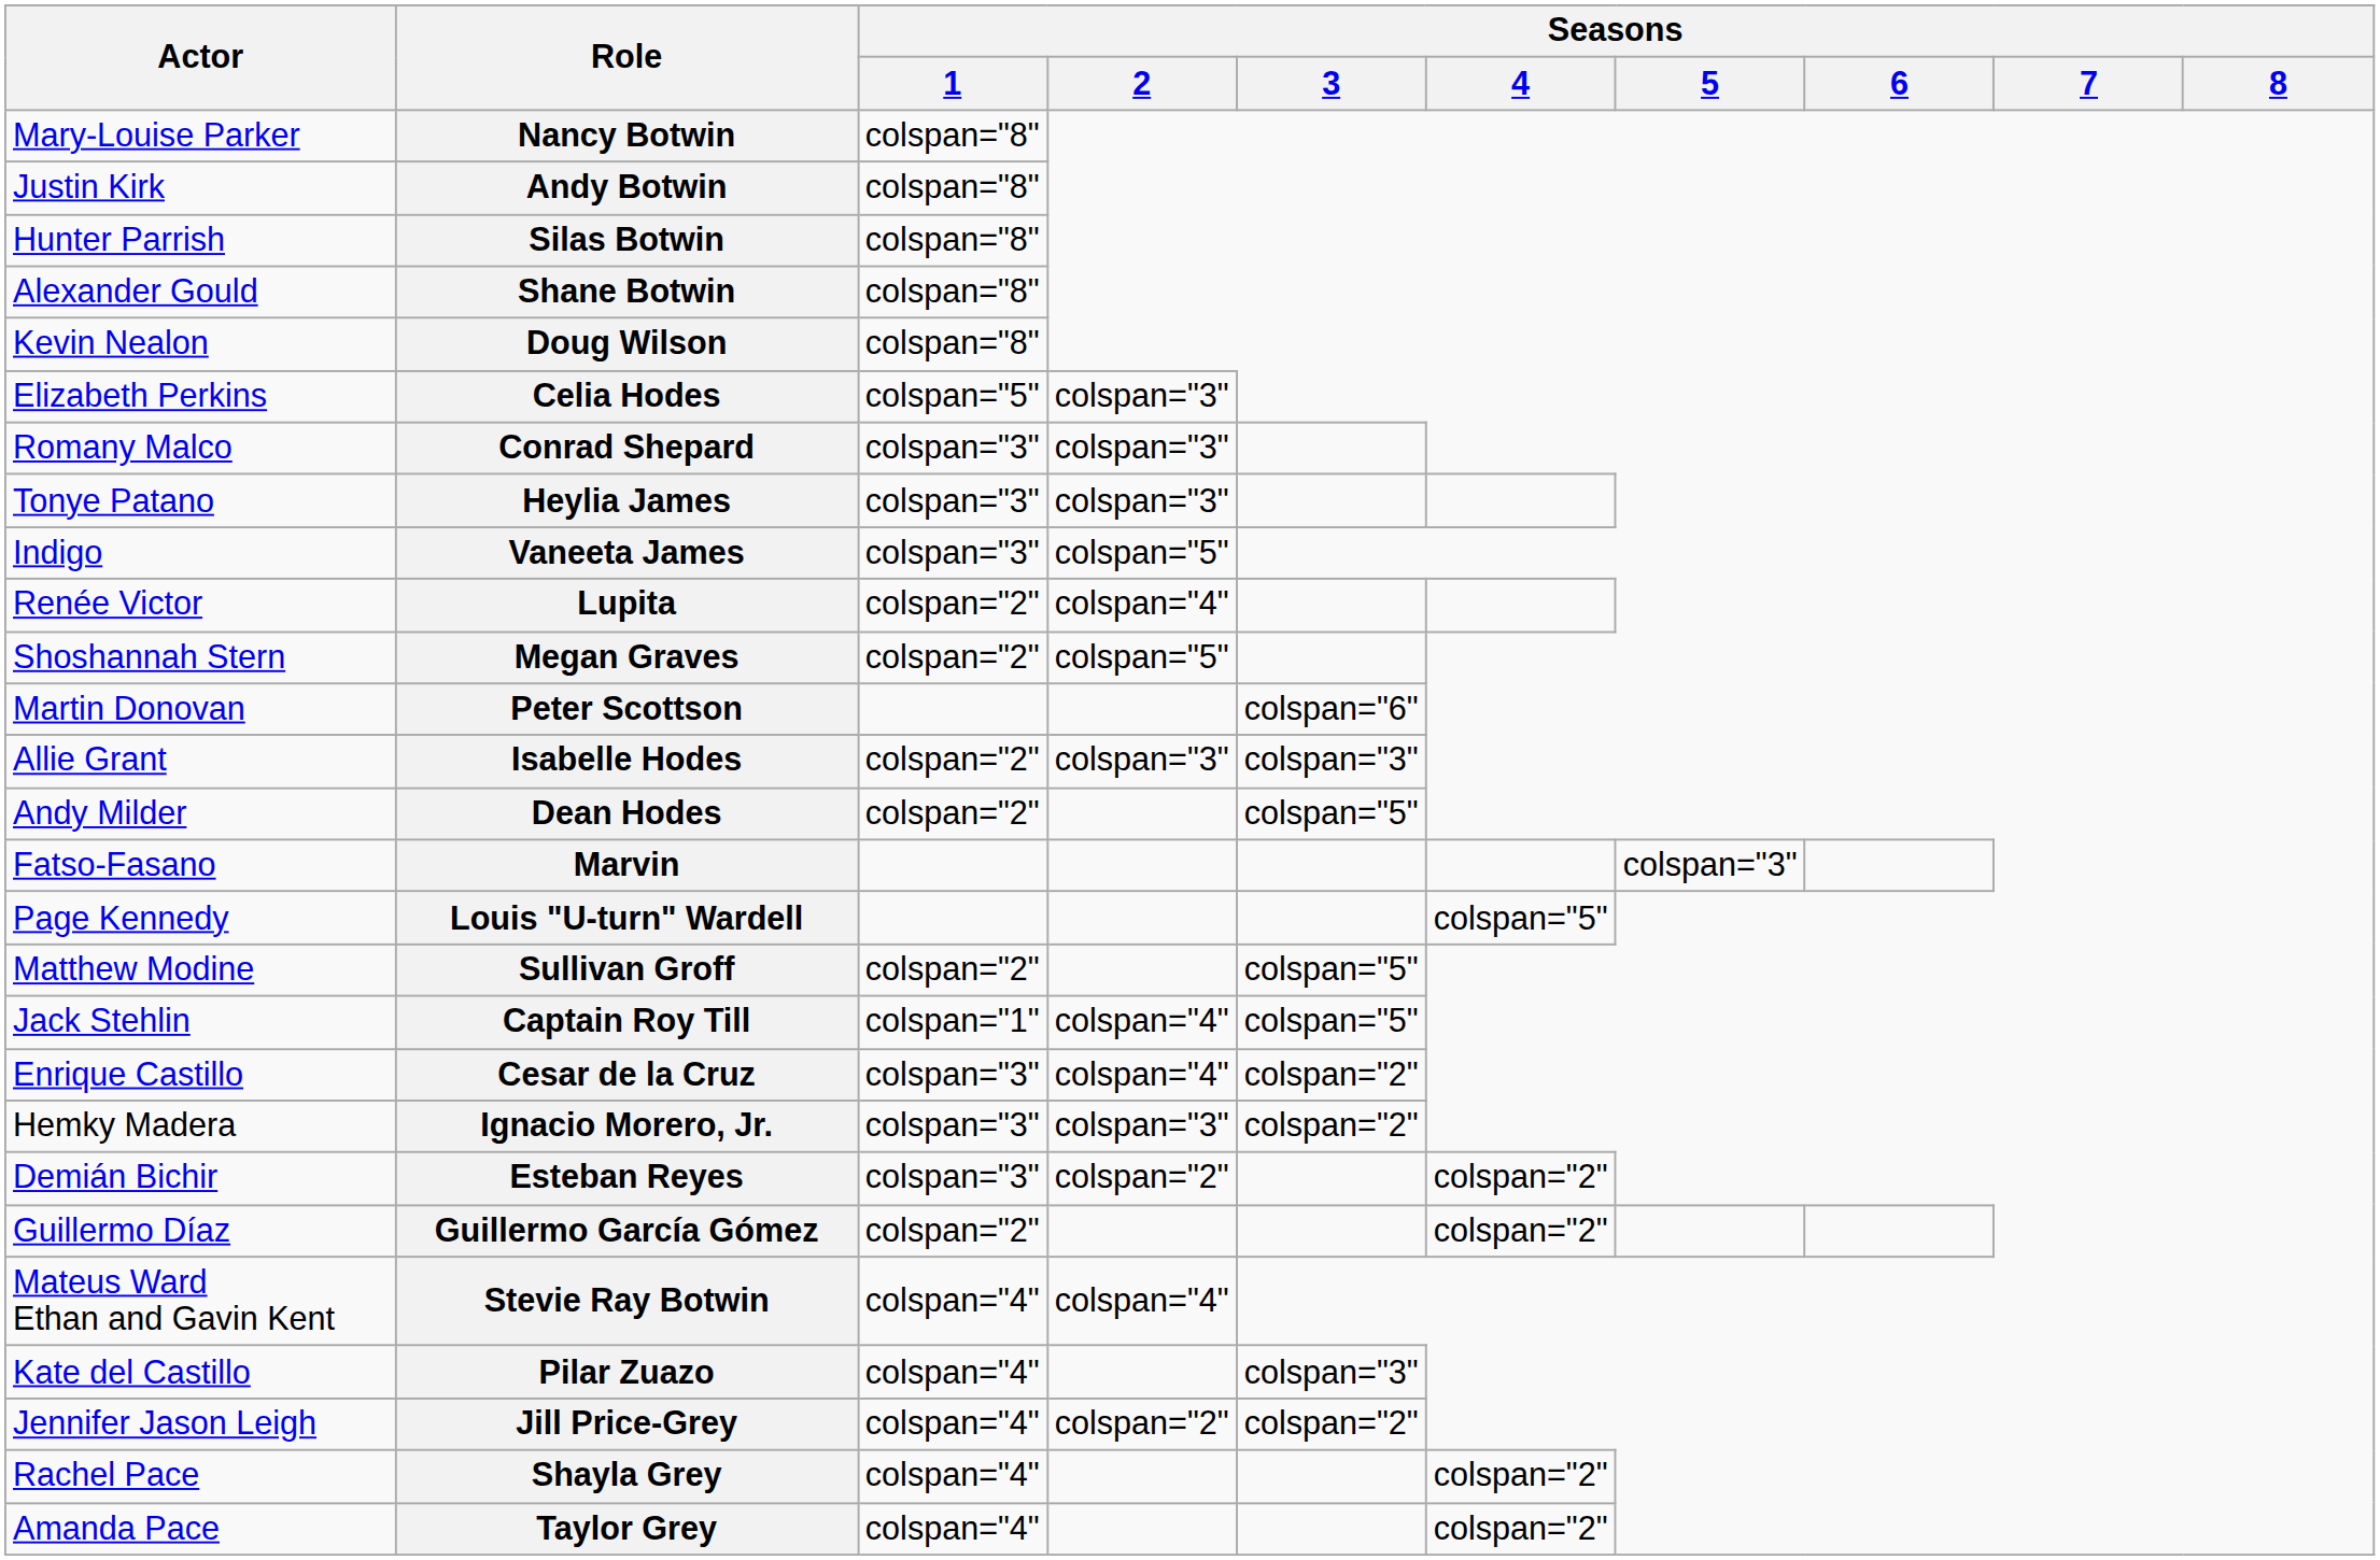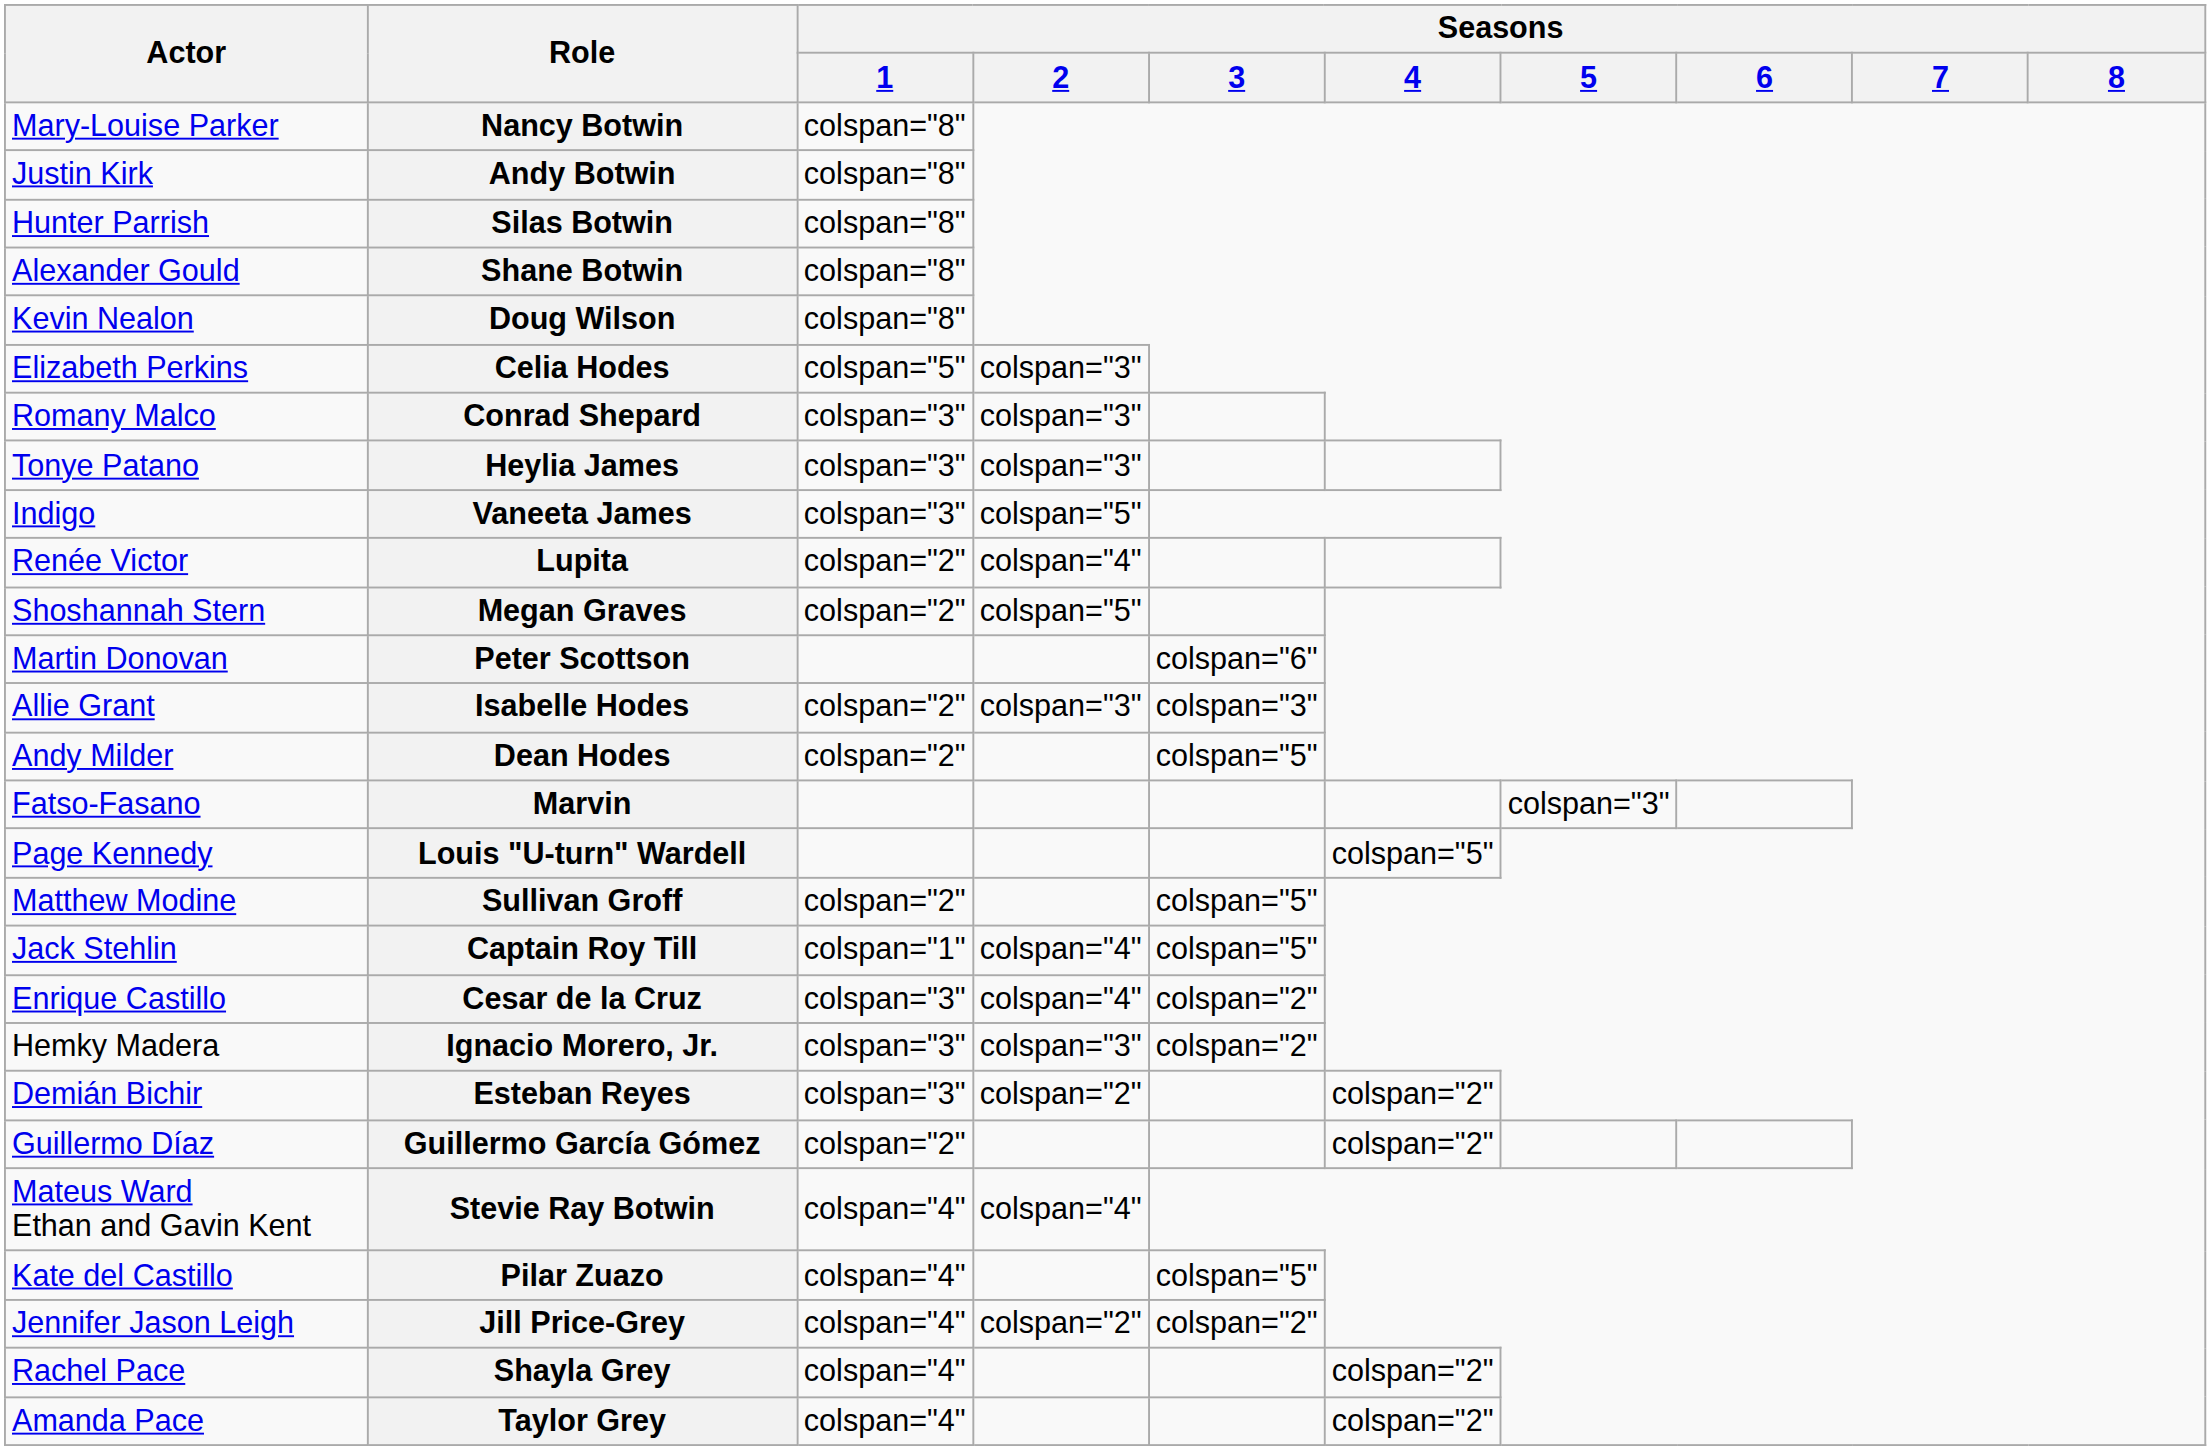 <table class="wikitable">
 <tr>
 <th rowspan="2">Actor</th>
 <th rowspan="2">Role</th>
 <th colspan="8">Seasons</th>
 </tr>
 <tr>
 <th style="width:8%;"><a href='#'>1</a></th>
 <th style="width:8%;"><a href='#'>2</a></th>
 <th style="width:8%;"><a href='#'>3</a></th>
 <th style="width:8%;"><a href='#'>4</a></th>
 <th style="width:8%;"><a href='#'>5</a></th>
 <th style="width:8%;"><a href='#'>6</a></th>
 <th style="width:8%;"><a href='#'>7</a></th>
 <th style="width:8%;"><a href='#'>8</a></th>
 </tr>
 <tr>
 <td><a href='#'>Mary-Louise Parker</a></td>
 <th>Nancy Botwin</th>
 <td>colspan="8" </td>
 </tr>
 <tr>
 <td><a href='#'>Justin Kirk</a></td>
 <th>Andy Botwin</th>
 <td>colspan="8" </td>
 </tr>
 <tr>
 <td><a href='#'>Hunter Parrish</a></td>
 <th>Silas Botwin</th>
 <td>colspan="8" </td>
 </tr>
 <tr>
 <td><a href='#'>Alexander Gould</a></td>
 <th>Shane Botwin</th>
 <td>colspan="8" </td>
 </tr>
 <tr>
 <td><a href='#'>Kevin Nealon</a></td>
 <th>Doug Wilson</th>
 <td>colspan="8" </td>
 </tr>
 <tr>
 <td><a href='#'>Elizabeth Perkins</a></td>
 <th>Celia Hodes</th>
 <td>colspan="5" </td>
 <td>colspan="3" </td>
 </tr>
 <tr>
 <td><a href='#'>Romany Malco</a></td>
 <th>Conrad Shepard</th>
 <td>colspan="3" </td>
 <td>colspan="3" </td>
 <td></td>
 </tr>
 <tr>
 <td><a href='#'>Tonye Patano</a></td>
 <th>Heylia James</th>
 <td>colspan="3" </td>
 <td>colspan="3" </td>
 <td></td>
 <td></td>
 </tr>
 <tr>
 <td><a href='#'>Indigo</a></td>
 <th>Vaneeta James</th>
 <td>colspan="3" </td>
 <td>colspan="5" </td>
 </tr>
 <tr>
 <td><a href='#'>Renée Victor</a></td>
 <th>Lupita</th>
 <td>colspan="2" </td>
 <td>colspan="4" </td>
 <td></td>
 <td></td>
 </tr>
 <tr>
 <td><a href='#'>Shoshannah Stern</a></td>
 <th>Megan Graves</th>
 <td>colspan="2" </td>
 <td>colspan="5" </td>
 <td></td>
 </tr>
 <tr>
 <td><a href='#'>Martin Donovan</a></td>
 <th>Peter Scottson</th>
 <td></td>
 <td></td>
 <td>colspan="6" </td>
 </tr>
 <tr>
 <td><a href='#'>Allie Grant</a></td>
 <th>Isabelle Hodes</th>
 <td>colspan="2" </td>
 <td>colspan="3" </td>
 <td>colspan="3" </td>
 </tr>
 <tr>
 <td><a href='#'>Andy Milder</a></td>
 <th>Dean Hodes</th>
 <td>colspan="2" </td>
 <td></td>
 <td>colspan="5" </td>
 </tr>
 <tr>
 <td><a href='#'>Fatso-Fasano</a></td>
 <th>Marvin</th>
 <td></td>
 <td></td>
 <td></td>
 <td></td>
 <td>colspan="3" </td>
 <td></td>
 </tr>
 <tr>
 <td><a href='#'>Page Kennedy</a></td>
 <th>Louis "U-turn" Wardell</th>
 <td></td>
 <td></td>
 <td></td>
 <td>colspan="5" </td>
 </tr>
 <tr>
 <td><a href='#'>Matthew Modine</a></td>
 <th>Sullivan Groff</th>
 <td>colspan="2" </td>
 <td></td>
 <td>colspan="5" </td>
 </tr>
 <tr>
 <td><a href='#'>Jack Stehlin</a></td>
 <th>Captain Roy Till</th>
 <td>colspan="1" </td>
 <td>colspan="4" </td>
 <td>colspan="5" </td>
 </tr>
 <tr>
 <td><a href='#'>Enrique Castillo</a></td>
 <th>Cesar de la Cruz</th>
 <td>colspan="3" </td>
 <td>colspan="4" </td>
 <td>colspan="2" </td>
 </tr>
 <tr>
 <td>Hemky Madera</td>
 <th>Ignacio Morero, Jr.</th>
 <td>colspan="3" </td>
 <td>colspan="3" </td>
 <td>colspan="2" </td>
 </tr>
 <tr>
 <td><a href='#'>Demián Bichir</a></td>
 <th>Esteban Reyes</th>
 <td>colspan="3" </td>
 <td>colspan="2" </td>
 <td></td>
 <td>colspan="2" </td>
 </tr>
 <tr>
 <td><a href='#'>Guillermo Díaz</a></td>
 <th>Guillermo García Gómez</th>
 <td>colspan="2" </td>
 <td></td>
 <td></td>
 <td>colspan="2" </td>
 <td></td>
 <td></td>
 </tr>
 <tr>
 <td><a href='#'>Mateus Ward</a><br>Ethan and Gavin Kent</td>
 <th>Stevie Ray Botwin</th>
 <td>colspan="4" </td>
 <td>colspan="4" </td>
 </tr>
 <tr>
 <td><a href='#'>Kate del Castillo</a></td>
 <th>Pilar Zuazo</th>
 <td>colspan="4" </td>
 <td></td>
-<td>colspan="3" </td>
+<td>colspan="5" </td>
 </tr>
 <tr>
 <td><a href='#'>Jennifer Jason Leigh</a></td>
 <th>Jill Price-Grey</th>
 <td>colspan="4" </td>
 <td>colspan="2" </td>
 <td>colspan="2" </td>
 </tr>
 <tr>
 <td><a href='#'>Rachel Pace</a></td>
 <th>Shayla Grey</th>
 <td>colspan="4" </td>
 <td></td>
 <td></td>
 <td>colspan="2" </td>
 </tr>
 <tr>
 <td><a href='#'>Amanda Pace</a></td>
 <th>Taylor Grey</th>
 <td>colspan="4" </td>
 <td></td>
 <td></td>
 <td>colspan="2" </td>
 </tr>
 </table>
